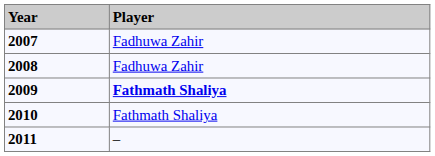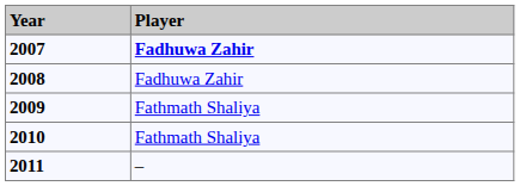 <table bgcolor="#f7f8ff" cellpadding="3" cellspacing="0" border="1" style="font-size: 95%; border: gray solid 1px; border-collapse: collapse;">
 <tr bgcolor="#CCCCCC">
 <td width="100"><strong>Year</strong></td>
 <td width="320"><strong>Player</strong></td>
 </tr>
 <tr>
 <td><strong>2007</strong></td>
-<td> <a href='#'>Fadhuwa Zahir</a></td>
+<td><strong> <a href='#'>Fadhuwa Zahir</a></strong></td>
 </tr>
 <tr>
 <td><strong>2008</strong></td>
 <td> <a href='#'>Fadhuwa Zahir</a></td>
 </tr>
 <tr>
 <td><strong>2009</strong></td>
-<td><strong> <a href='#'>Fathmath Shaliya</a></strong></td>
+<td> <a href='#'>Fathmath Shaliya</a></td>
 </tr>
 <tr>
 <td><strong>2010</strong></td>
 <td> <a href='#'>Fathmath Shaliya</a></td>
 </tr>
 <tr>
 <td><strong>2011</strong></td>
 <td><em>–</em></td>
 </tr>
 </table>
